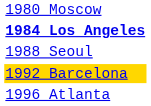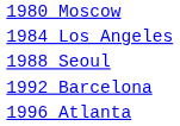 <table>
 <tr>
 <td><a href='#'>1980 Moscow</a><br></td>
 <td></td>
 <td></td>
 <td></td>
 </tr>
 <tr>
-<td><strong><a href='#'>1984 Los Angeles</a><br></strong></td>
+<td><a href='#'>1984 Los Angeles</a><br></td>
 <td></td>
 <td></td>
 <td></td>
 </tr>
 <tr>
 <td><a href='#'>1988 Seoul</a><br></td>
 <td></td>
 <td></td>
 <td></td>
 </tr>
 <tr>
-<td style="background: gold;"><a href='#'>1992 Barcelona</a><br></td>
+<td><a href='#'>1992 Barcelona</a><br></td>
 <td></td>
 <td></td>
 <td></td>
 </tr>
 <tr>
 <td><a href='#'>1996 Atlanta</a><br></td>
 <td></td>
 <td></td>
 <td></td>
 </tr>
 </table>
